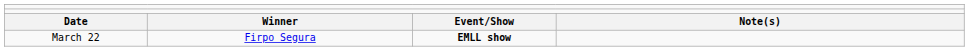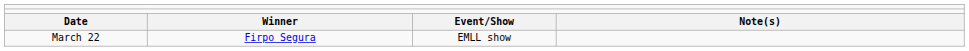 <table class="wikitable" style="text-align:center; width:100%;">
 <tr>
 <td colspan=5></td>
 </tr>
 <tr>
 <td colspan=5><strong></strong></td>
 </tr>
 <tr>
 <th width=14%>Date</th>
 <th width=26%>Winner</th>
 <th width=14%>Event/Show</th>
 <th width=40%>Note(s)</th>
 </tr>
 <tr>
 <td>March 22</td>
 <td><a href='#'>Firpo Segura</a></td>
-<td><strong>EMLL show</strong></td>
+<td>EMLL show</td>
 <td align=left></td>
 </tr>
 </table>
